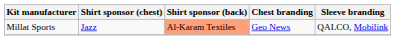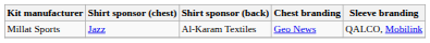 <table class="wikitable"  style="font-size:85%;">
 <tr>
 <th>Kit manufacturer</th>
 <th>Shirt sponsor (chest)</th>
 <th>Shirt sponsor (back)</th>
 <th>Chest branding</th>
 <th>Sleeve branding</th>
 </tr>
 <tr>
 <td>Millat Sports</td>
 <td><a href='#'>Jazz</a></td>
-<td style="background: lightsalmon;">Al-Karam Textiles</td>
+<td>Al-Karam Textiles</td>
 <td><a href='#'>Geo News</a></td>
 <td>QALCO, <a href='#'>Mobilink</a></td>
 </tr>
 <tr>
 </tr>
 </table>
